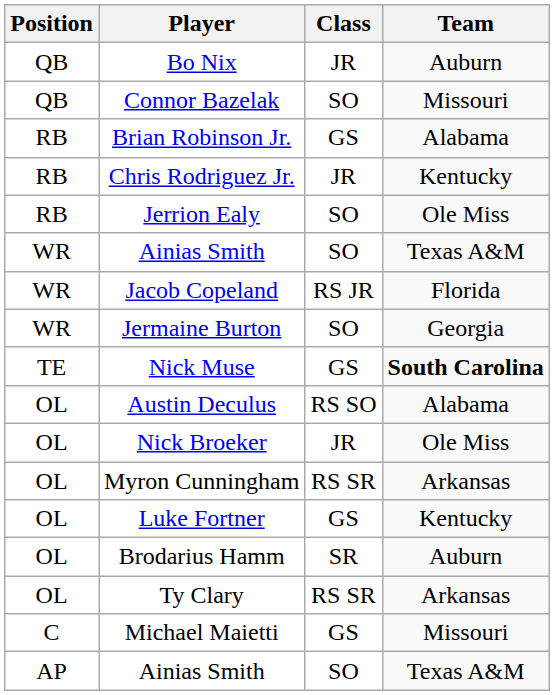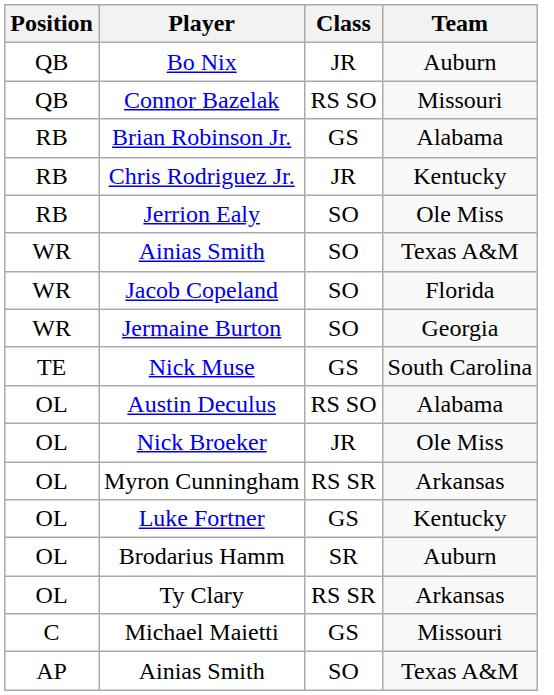 <table class="wikitable sortable">
 <tr>
 <th>Position</th>
 <th>Player</th>
 <th>Class</th>
 <th>Team</th>
 </tr>
 <tr style="text-align:center;">
 <td style="background:white">QB</td>
 <td style="background:white"><a href='#'>Bo Nix</a></td>
 <td style="background:white">JR</td>
 <td>Auburn</td>
 </tr>
 <tr style="text-align:center;">
 <td style="background:white">QB</td>
 <td style="background:white"><a href='#'>Connor Bazelak</a></td>
-<td style="background:white">SO</td>
+<td style="background:white">RS SO</td>
 <td>Missouri</td>
 </tr>
 <tr style="text-align:center;">
 <td style="background:white">RB</td>
 <td style="background:white"><a href='#'>Brian Robinson Jr.</a></td>
 <td style="background:white">GS</td>
 <td>Alabama</td>
 </tr>
 <tr style="text-align:center;">
 <td style="background:white">RB</td>
 <td style="background:white"><a href='#'>Chris Rodriguez Jr.</a></td>
 <td style="background:white">JR</td>
 <td>Kentucky</td>
 </tr>
 <tr style="text-align:center;">
 <td style="background:white">RB</td>
 <td style="background:white"><a href='#'>Jerrion Ealy</a></td>
 <td style="background:white">SO</td>
 <td>Ole Miss</td>
 </tr>
 <tr style="text-align:center;">
 <td style="background:white">WR</td>
 <td style="background:white"><a href='#'>Ainias Smith</a></td>
 <td style="background:white">SO</td>
 <td>Texas A&M</td>
 </tr>
 <tr style="text-align:center;">
 <td style="background:white">WR</td>
 <td style="background:white"><a href='#'>Jacob Copeland</a></td>
-<td style="background:white">RS JR</td>
+<td style="background:white">SO</td>
 <td>Florida</td>
 </tr>
 <tr style="text-align:center;">
 <td style="background:white">WR</td>
 <td style="background:white"><a href='#'>Jermaine Burton</a></td>
 <td style="background:white">SO</td>
 <td>Georgia</td>
 </tr>
 <tr style="text-align:center;">
 <td style="background:white">TE</td>
 <td style="background:white"><a href='#'>Nick Muse</a></td>
 <td style="background:white">GS</td>
-<td><strong>South Carolina</strong></td>
+<td>South Carolina</td>
 </tr>
 <tr style="text-align:center;">
 <td style="background:white">OL</td>
 <td style="background:white"><a href='#'>Austin Deculus</a></td>
 <td style="background:white">RS SO</td>
 <td>Alabama</td>
 </tr>
 <tr style="text-align:center;">
 <td style="background:white">OL</td>
 <td style="background:white"><a href='#'>Nick Broeker</a></td>
 <td style="background:white">JR</td>
 <td>Ole Miss</td>
 </tr>
 <tr style="text-align:center;">
 <td style="background:white">OL</td>
 <td style="background:white">Myron Cunningham</td>
 <td style="background:white">RS SR</td>
 <td>Arkansas</td>
 </tr>
 <tr style="text-align:center;">
 <td style="background:white">OL</td>
 <td style="background:white"><a href='#'>Luke Fortner</a></td>
 <td style="background:white">GS</td>
 <td>Kentucky</td>
 </tr>
 <tr style="text-align:center;">
 <td style="background:white">OL</td>
 <td style="background:white">Brodarius Hamm</td>
 <td style="background:white">SR</td>
 <td>Auburn</td>
 </tr>
 <tr style="text-align:center;">
 <td style="background:white">OL</td>
 <td style="background:white">Ty Clary</td>
 <td style="background:white">RS SR</td>
 <td>Arkansas</td>
 </tr>
 <tr style="text-align:center;">
 <td style="background:white">C</td>
 <td style="background:white">Michael Maietti</td>
 <td style="background:white">GS</td>
 <td>Missouri</td>
 </tr>
 <tr style="text-align:center;">
 <td style="background:white">AP</td>
 <td style="background:white">Ainias Smith</td>
 <td style="background:white">SO</td>
 <td>Texas A&M</td>
 </tr>
 </table>
